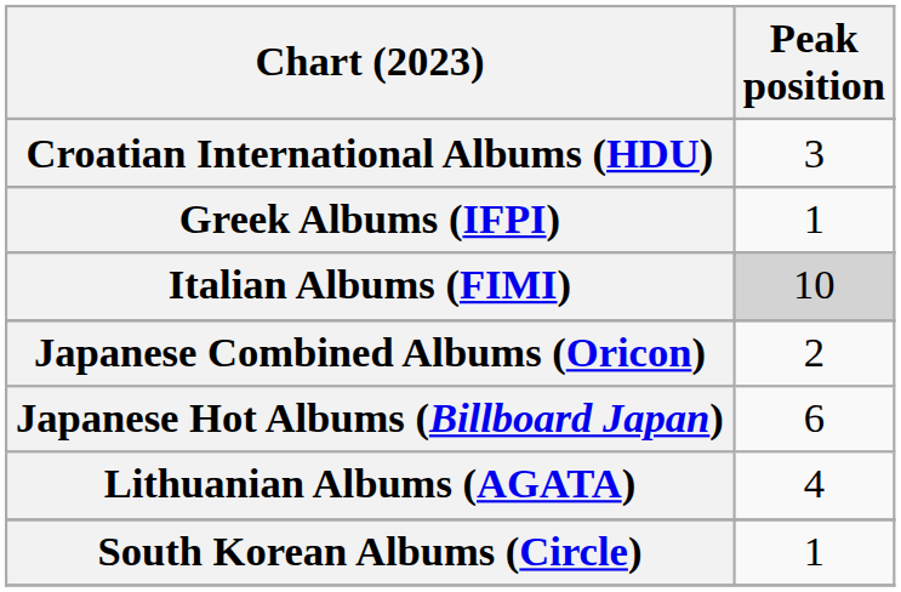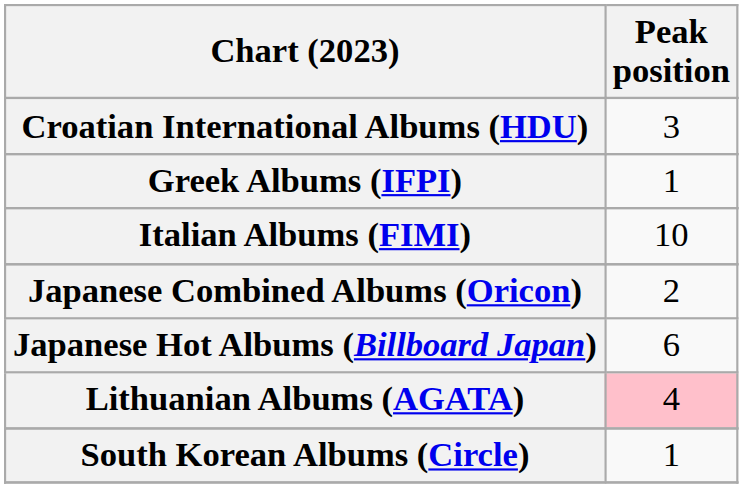 <table class="wikitable plainrowheaders sortable" style="text-align:center">
 <tr>
 <th scope="col">Chart (2023)</th>
 <th scope="col">Peak<br>position</th>
 </tr>
 <tr>
 </tr>
 <tr>
 </tr>
 <tr>
 </tr>
 <tr>
 </tr>
 <tr>
 </tr>
 <tr>
 <th scope="row">Croatian International Albums (<a href='#'>HDU</a>)</th>
 <td>3</td>
 </tr>
 <tr>
 </tr>
 <tr>
 </tr>
 <tr>
 </tr>
 <tr>
 </tr>
 <tr>
 </tr>
 <tr>
 <th scope="row">Greek Albums (<a href='#'>IFPI</a>)</th>
 <td>1</td>
 </tr>
 <tr>
 </tr>
 <tr>
 </tr>
 <tr>
 <th scope="row">Italian Albums (<a href='#'>FIMI</a>)</th>
-<td style="background: lightgrey;">10</td>
+<td>10</td>
 </tr>
 <tr>
 </tr>
 <tr>
 <th scope="row">Japanese Combined Albums (<a href='#'>Oricon</a>)</th>
 <td>2</td>
 </tr>
 <tr>
 <th scope="row">Japanese Hot Albums (<em><a href='#'>Billboard Japan</a></em>)</th>
 <td>6</td>
 </tr>
 <tr>
 <th scope="row">Lithuanian Albums (<a href='#'>AGATA</a>)</th>
-<td>4</td>
+<td style="background: pink;">4</td>
 </tr>
 <tr>
 </tr>
 <tr>
 </tr>
 <tr>
 </tr>
 <tr>
 </tr>
 <tr>
 <th scope="row">South Korean Albums (<a href='#'>Circle</a>)</th>
 <td>1</td>
 </tr>
 <tr>
 </tr>
 <tr>
 </tr>
 <tr>
 </tr>
 <tr>
 </tr>
 <tr>
 </tr>
 <tr>
 </tr>
 </table>
